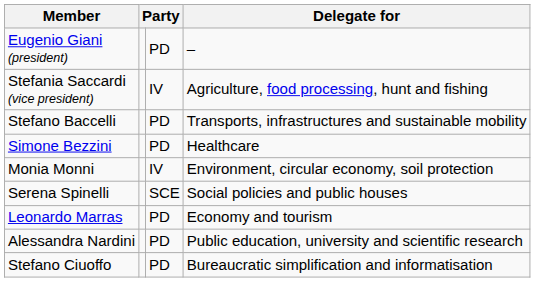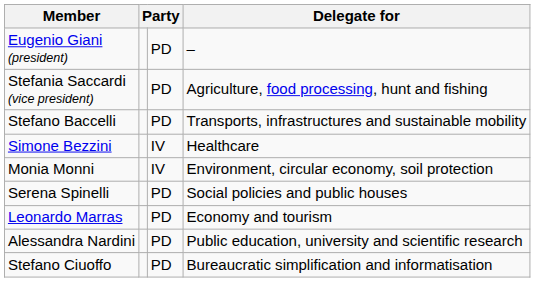 <table class="wikitable">
 <tr>
 <th>Member</th>
 <th colspan="2">Party</th>
 <th>Delegate for</th>
 </tr>
 <tr>
 <td><a href='#'>Eugenio Giani</a><br><small><em>(president)</em></small></td>
 <td style="background:"></td>
 <td>PD</td>
 <td>–</td>
 </tr>
 <tr>
 <td>Stefania Saccardi<br><small><em>(vice president)</em></small></td>
 <td style="background:"></td>
-<td>IV</td>
+<td>PD</td>
 <td>Agriculture, <a href='#'>food processing</a>, hunt and fishing</td>
 </tr>
 <tr>
 <td>Stefano Baccelli</td>
 <td style="background:"></td>
 <td>PD</td>
 <td>Transports, infrastructures and sustainable mobility</td>
 </tr>
 <tr>
 <td><a href='#'>Simone Bezzini</a></td>
 <td style="background:"></td>
-<td>PD</td>
+<td>IV</td>
 <td>Healthcare</td>
 </tr>
 <tr>
 <td>Monia Monni</td>
 <td style="background:"></td>
 <td>IV</td>
 <td>Environment, circular economy, soil protection</td>
 </tr>
 <tr>
 <td>Serena Spinelli</td>
 <td style="background:"></td>
-<td>SCE</td>
+<td>PD</td>
 <td>Social policies and public houses</td>
 </tr>
 <tr>
 <td><a href='#'>Leonardo Marras</a></td>
 <td style="background:"></td>
 <td>PD</td>
 <td>Economy and tourism</td>
 </tr>
 <tr>
 <td>Alessandra Nardini</td>
 <td style="background:"></td>
 <td>PD</td>
 <td>Public education, university and scientific research</td>
 </tr>
 <tr>
 <td>Stefano Ciuoffo</td>
 <td style="background:"></td>
 <td>PD</td>
 <td>Bureaucratic simplification and informatisation</td>
 </tr>
 </table>
